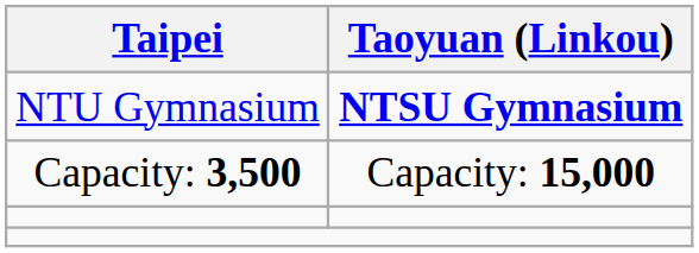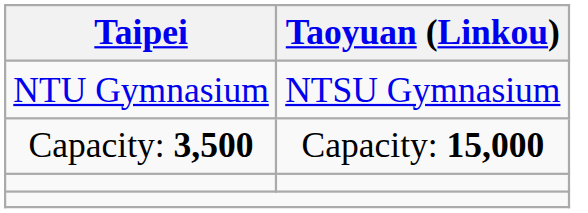 <table class="wikitable" style=text-align:center;">
 <tr>
 <th><a href='#'>Taipei</a></th>
 <th><a href='#'>Taoyuan</a> (<a href='#'>Linkou</a>)</th>
 </tr>
 <tr>
 <td><a href='#'>NTU Gymnasium</a></td>
-<td><strong><a href='#'>NTSU Gymnasium</a></strong></td>
+<td><a href='#'>NTSU Gymnasium</a></td>
 </tr>
 <tr>
 <td>Capacity: <strong>3,500</strong></td>
 <td>Capacity: <strong>15,000</strong></td>
 </tr>
 <tr>
 <td></td>
 <td></td>
 </tr>
 <tr>
 <td rowspan=4 colspan=2></td>
 </tr>
 </table>
